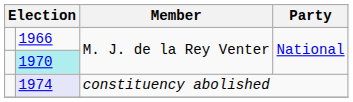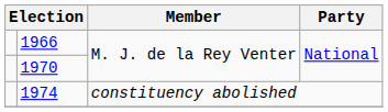 <table class="wikitable">
 <tr>
 <th colspan="2">Election</th>
 <th>Member</th>
 <th>Party</th>
 </tr>
 <tr>
 <td style="background-color: "></td>
 <td><a href='#'>1966</a></td>
 <td rowspan="2">M. J. de la Rey Venter</td>
 <td rowspan="2"><a href='#'>National</a></td>
 </tr>
 <tr>
 <td style="background-color: "></td>
-<td style="background: paleturquoise;"><a href='#'>1970</a></td>
+<td><a href='#'>1970</a></td>
 </tr>
 <tr>
 <td style="background-color: "></td>
-<td style="background: lavender;"><a href='#'>1974</a></td>
+<td><a href='#'>1974</a></td>
 <td colspan="2"><em>constituency abolished</em></td>
 </tr>
 <tr>
 </tr>
 </table>
